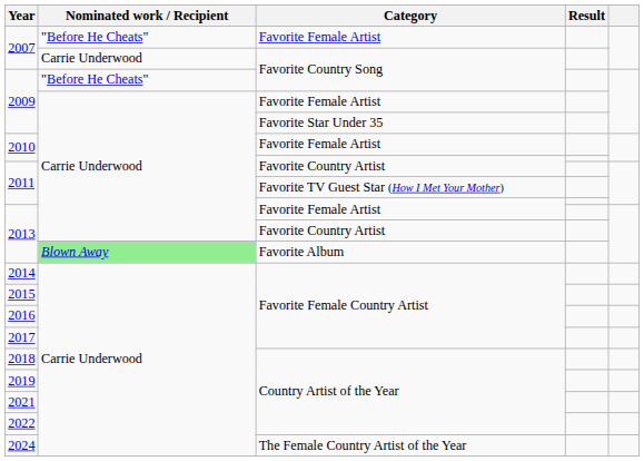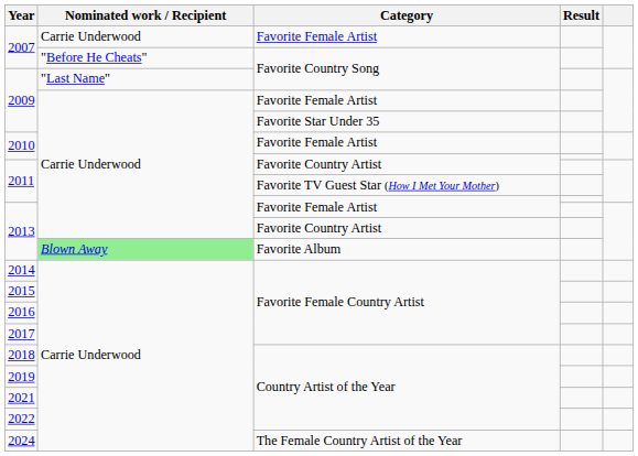 <table class="wikitable plainrowheaders" style="width:85%;">
 <tr>
 <th scope="col" style="width:4%;">Year</th>
 <th scope="col" style="width:35%;">Nominated work / Recipient</th>
 <th scope="col" style="width:50%;">Category</th>
 <th scope="col" style="width:6%;">Result</th>
 <th scope="col" style="width:6%;"></th>
 </tr>
 <tr>
 <td rowspan="2"><a href='#'>2007</a></td>
-<td>"<a href='#'>Before He Cheats</a>"</td>
+<td>Carrie Underwood</td>
 <td><a href='#'>Favorite Female Artist</a></td>
 <td></td>
 <td rowspan="2"></td>
 </tr>
 <tr>
-<td>Carrie Underwood</td>
+<td>"<a href='#'>Before He Cheats</a>"</td>
 <td rowspan="2">Favorite Country Song</td>
 <td></td>
 </tr>
 <tr>
 <td rowspan="3"><a href='#'>2009</a></td>
-<td>"<a href='#'>Before He Cheats</a>"</td>
+<td>"<a href='#'>Last Name</a>"</td>
 <td></td>
 <td rowspan="3"></td>
 </tr>
 <tr>
 <td rowspan="9">Carrie Underwood</td>
 <td>Favorite Female Artist</td>
 <td></td>
 </tr>
 <tr>
 <td>Favorite Star Under 35</td>
 <td></td>
 </tr>
 <tr>
 <td rowspan="2"><a href='#'>2010</a></td>
 <td>Favorite Female Artist</td>
 <td></td>
 <td rowspan="2"></td>
 </tr>
 <tr>
 <td rowspan="2">Favorite Country Artist</td>
 <td></td>
 </tr>
 <tr>
 <td rowspan="3"><a href='#'>2011</a></td>
 <td></td>
 <td rowspan="3"></td>
 </tr>
 <tr>
 <td>Favorite TV Guest Star <small>(<em><a href='#'>How I Met Your Mother</a></em>)</small></td>
 <td></td>
 </tr>
 <tr>
 <td rowspan="2">Favorite Female Artist</td>
 <td></td>
 </tr>
 <tr>
 <td rowspan="3"><a href='#'>2013</a></td>
 <td></td>
 <td rowspan="3"></td>
 </tr>
 <tr>
 <td>Favorite Country Artist</td>
 <td></td>
 </tr>
 <tr>
 <td style="background: lightgreen;"><em><a href='#'>Blown Away</a></em></td>
 <td>Favorite Album</td>
 <td></td>
 </tr>
 <tr>
 <td><a href='#'>2014</a></td>
 <td rowspan="9">Carrie Underwood</td>
 <td rowspan="4">Favorite Female Country Artist</td>
 <td></td>
 <td></td>
 </tr>
 <tr>
 <td><a href='#'>2015</a></td>
 <td></td>
 <td></td>
 </tr>
 <tr>
 <td><a href='#'>2016</a></td>
 <td></td>
 <td></td>
 </tr>
 <tr>
 <td><a href='#'>2017</a></td>
 <td></td>
 <td></td>
 </tr>
 <tr>
 <td><a href='#'>2018</a></td>
 <td rowspan="4">Country Artist of the Year</td>
 <td></td>
 <td></td>
 </tr>
 <tr>
 <td><a href='#'>2019</a></td>
 <td></td>
 <td></td>
 </tr>
 <tr>
 <td><a href='#'>2021</a></td>
 <td></td>
 <td></td>
 </tr>
 <tr>
 <td><a href='#'>2022</a></td>
 <td></td>
 <td></td>
 </tr>
 <tr>
 <td><a href='#'>2024</a></td>
 <td>The Female Country Artist of the Year</td>
 <td></td>
 <td></td>
 </tr>
 </table>
